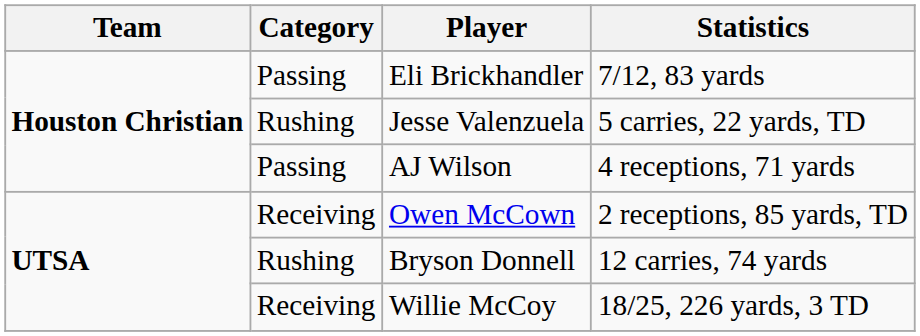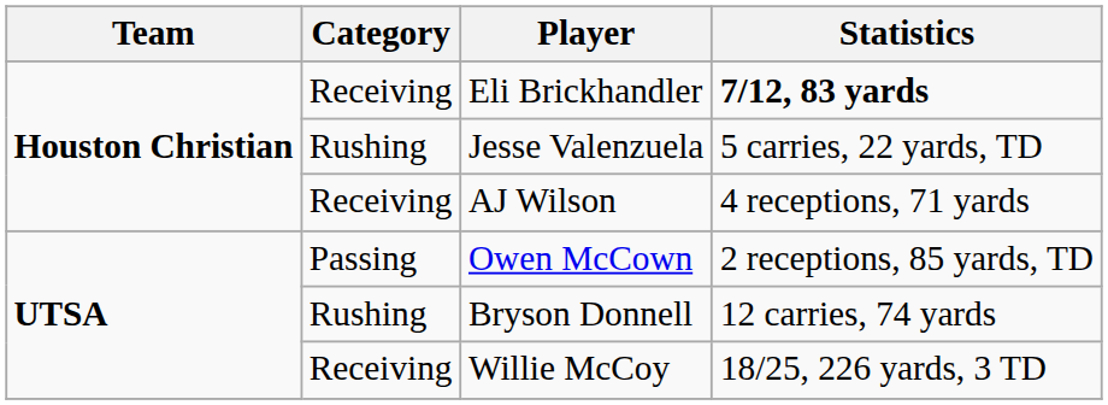 <table class="wikitable" style="float: right;">
 <tr>
 <th>Team</th>
 <th>Category</th>
 <th>Player</th>
 <th>Statistics</th>
 </tr>
 <tr>
 <td rowspan=3><strong>Houston Christian</strong></td>
-<td>Passing</td>
+<td>Receiving</td>
 <td>Eli Brickhandler</td>
-<td>7/12, 83 yards</td>
+<td><strong>7/12, 83 yards</strong></td>
 </tr>
 <tr>
 <td>Rushing</td>
 <td>Jesse Valenzuela</td>
 <td>5 carries, 22 yards, TD</td>
 </tr>
 <tr>
-<td>Passing</td>
+<td>Receiving</td>
 <td>AJ Wilson</td>
 <td>4 receptions, 71 yards</td>
 </tr>
 <tr>
 <td rowspan=3><strong>UTSA</strong></td>
-<td>Receiving</td>
+<td>Passing</td>
 <td><a href='#'>Owen McCown</a></td>
 <td>2 receptions, 85 yards, TD</td>
 </tr>
 <tr>
 <td>Rushing</td>
 <td>Bryson Donnell</td>
 <td>12 carries, 74 yards</td>
 </tr>
 <tr>
 <td>Receiving</td>
 <td>Willie McCoy</td>
 <td>18/25, 226 yards, 3 TD</td>
 </tr>
 </table>
